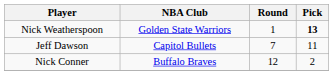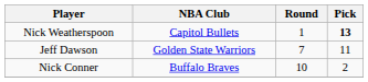 <table class="wikitable" width="500">
 <tr>
 <th>Player</th>
 <th>NBA Club</th>
 <th>Round</th>
 <th>Pick</th>
 </tr>
 <tr align="center" bgcolor="">
 <td>Nick Weatherspoon</td>
-<td><a href='#'>Golden State Warriors</a></td>
+<td><a href='#'>Capitol Bullets</a></td>
 <td>1</td>
 <td><strong>13</strong></td>
 </tr>
 <tr align="center" bgcolor="">
 <td>Jeff Dawson</td>
-<td><a href='#'>Capitol Bullets</a></td>
+<td><a href='#'>Golden State Warriors</a></td>
 <td>7</td>
 <td>11</td>
 </tr>
 <tr align="center" bgcolor="">
 <td>Nick Conner</td>
 <td><a href='#'>Buffalo Braves</a></td>
-<td>12</td>
+<td>10</td>
 <td>2</td>
 </tr>
 <tr align="center" bgcolor="">
 </tr>
 </table>
